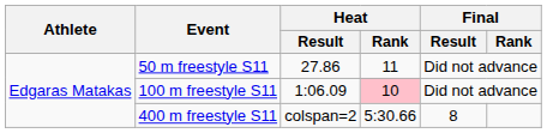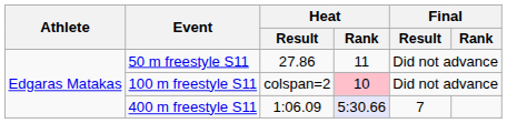 <table class="wikitable" style="font-size:90%">
 <tr>
 <th rowspan="2">Athlete</th>
 <th rowspan="2">Event</th>
 <th colspan=2>Heat</th>
 <th colspan=2>Final</th>
 </tr>
 <tr style="font-size:95%">
 <th>Result</th>
 <th>Rank</th>
 <th>Result</th>
 <th>Rank</th>
 </tr>
 <tr align=center>
 <td align=left rowspan=3><a href='#'>Edgaras Matakas</a></td>
 <td align=left><a href='#'>50 m freestyle S11</a></td>
 <td>27.86</td>
 <td>11</td>
 <td colspan=2>Did not advance</td>
 </tr>
 <tr align=center>
 <td align=left><a href='#'>100 m freestyle S11</a></td>
-<td>1:06.09</td>
+<td>colspan=2 </td>
 <td style="background: pink;">10</td>
 <td colspan=2>Did not advance</td>
 </tr>
 <tr align=center>
 <td align=left><a href='#'>400 m freestyle S11</a></td>
-<td>colspan=2 </td>
-<td>5:30.66</td>
-<td>8</td>
+<td>1:06.09</td>
+<td style="background: lavender;">5:30.66</td>
+<td>7</td>
 </tr>
 </table>
